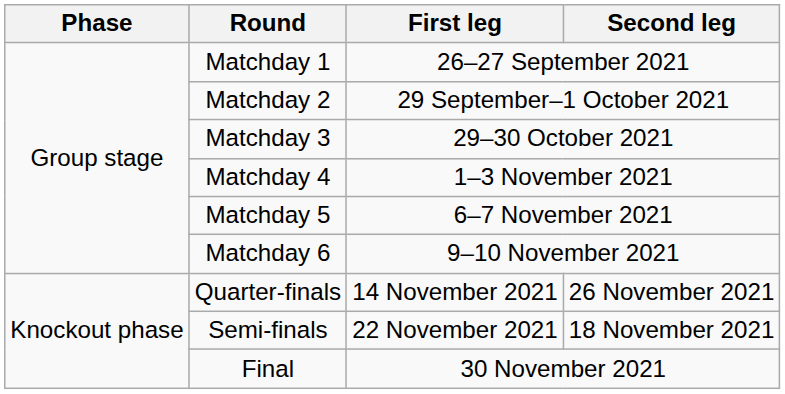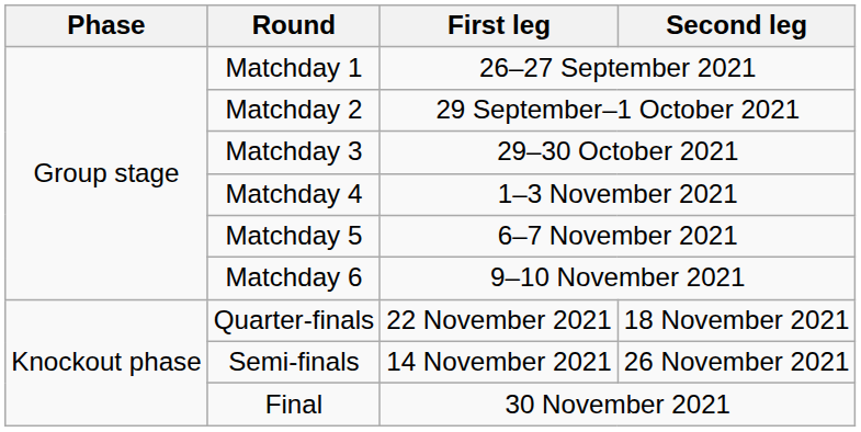 <table class="wikitable" style="text-align:center">
 <tr>
 <th>Phase</th>
 <th>Round</th>
 <th>First leg</th>
 <th>Second leg</th>
 </tr>
 <tr>
 <td rowspan=6>Group stage</td>
 <td>Matchday 1</td>
 <td colspan=2>26–27 September 2021</td>
 </tr>
 <tr>
 <td>Matchday 2</td>
 <td colspan=2>29 September–1 October 2021</td>
 </tr>
 <tr>
 <td>Matchday 3</td>
 <td colspan=2>29–30 October 2021</td>
 </tr>
 <tr>
 <td>Matchday 4</td>
 <td colspan=2>1–3 November 2021</td>
 </tr>
 <tr>
 <td>Matchday 5</td>
 <td colspan=2>6–7 November 2021</td>
 </tr>
 <tr>
 <td>Matchday 6</td>
 <td colspan=2>9–10 November 2021</td>
 </tr>
 <tr>
 <td rowspan=3>Knockout phase</td>
 <td>Quarter-finals</td>
-<td>14 November 2021</td>
-<td>26 November 2021</td>
+<td>22 November 2021</td>
+<td>18 November 2021</td>
 </tr>
 <tr>
 <td>Semi-finals</td>
-<td>22 November 2021</td>
-<td>18 November 2021</td>
+<td>14 November 2021</td>
+<td>26 November 2021</td>
 </tr>
 <tr>
 <td>Final</td>
 <td colspan=2>30 November 2021</td>
 </tr>
 </table>
